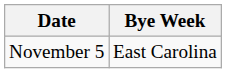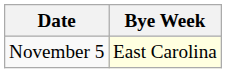 <table class="wikitable" style="font-size:95%;">
 <tr>
 <th>Date</th>
 <th colspan="3">Bye Week</th>
 </tr>
 <tr>
 <td>November 5</td>
-<td>East Carolina</td>
+<td style="background: lightyellow;">East Carolina</td>
 </tr>
 </table>
